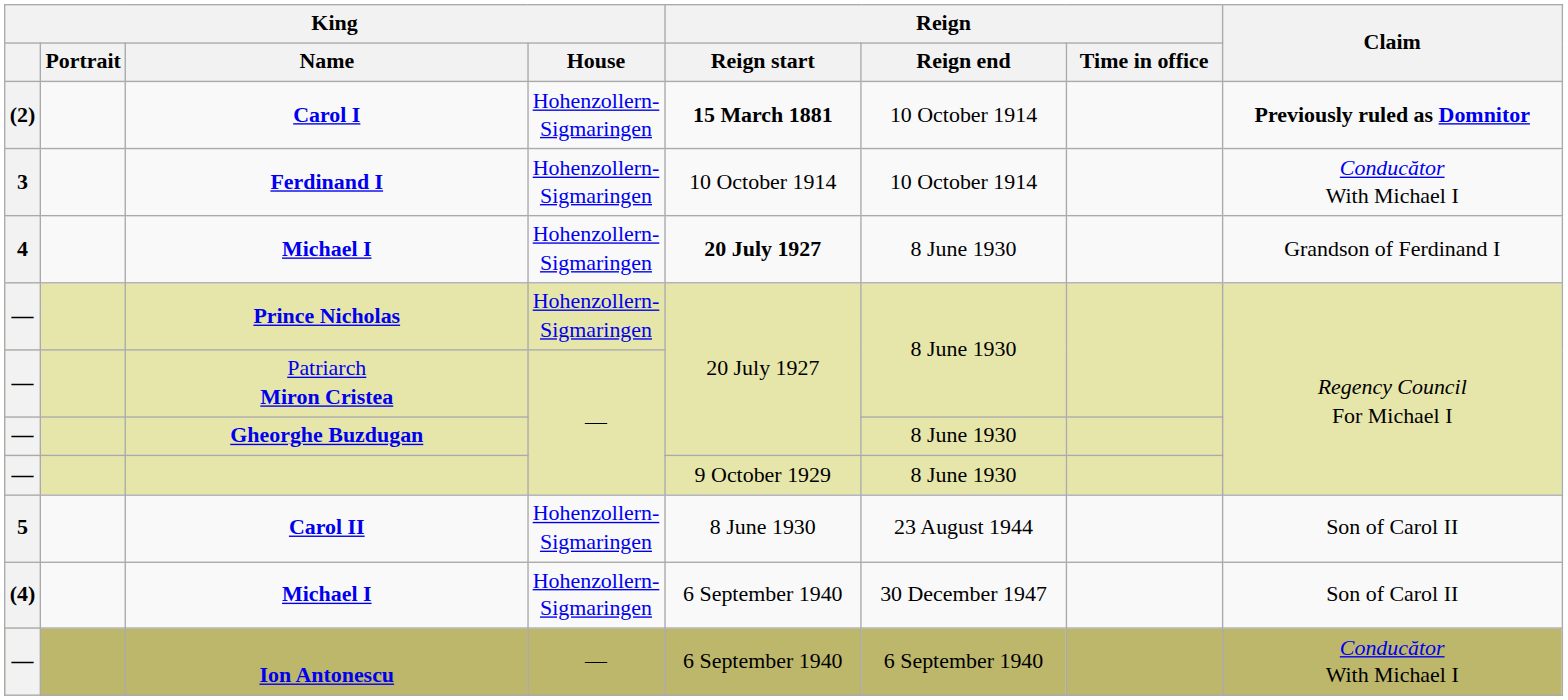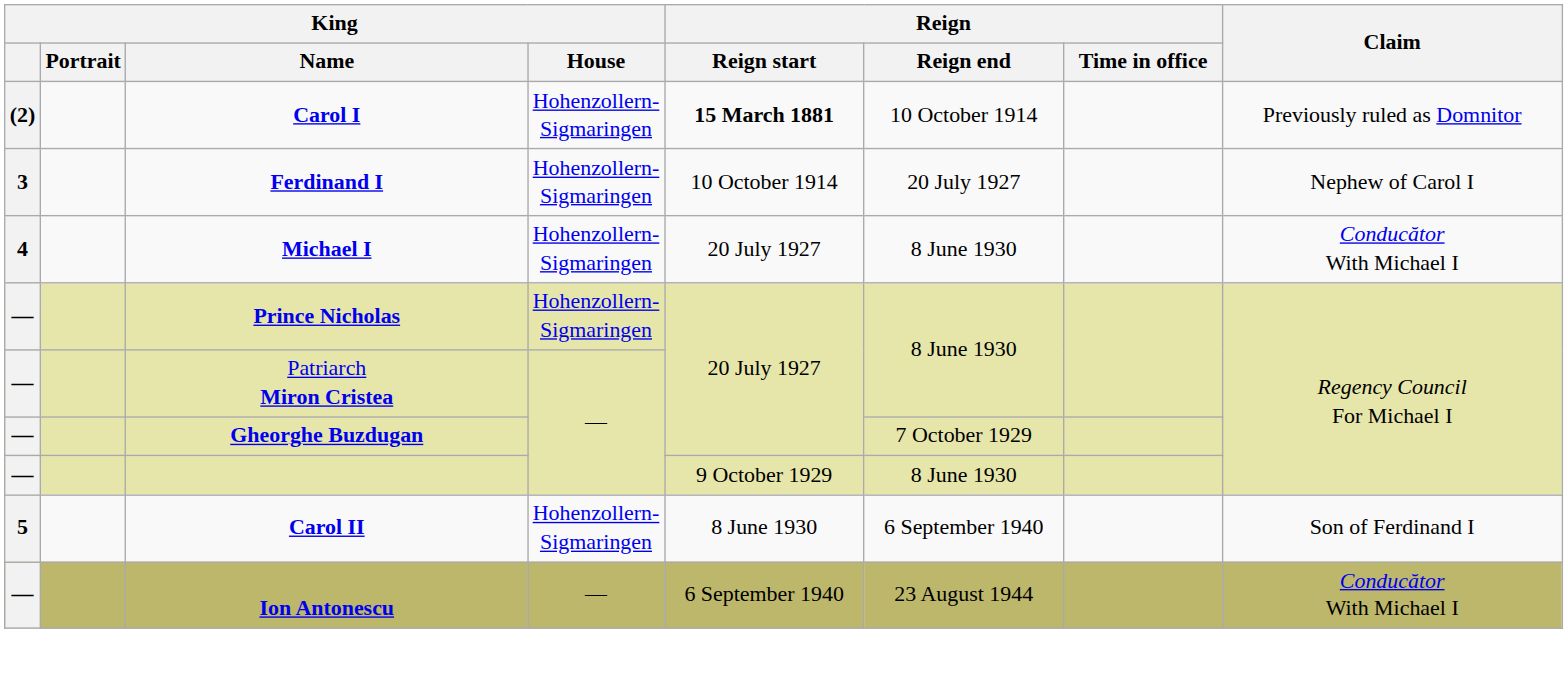 <table class="wikitable" style="text-align:center; width:90%; line-height:130%;">
 <tr>
 <th width=35% colspan=4>King</th>
 <th width=40% colspan=3>Reign</th>
 <th width=25% rowspan=2>Claim</th>
 </tr>
 <tr>
 <th></th>
 <th>Portrait</th>
 <th width=30%>Name<br></th>
 <th>House</th>
 <th>Reign start</th>
 <th>Reign end</th>
 <th>Time in office</th>
 </tr>
 <tr>
 <th>(2)</th>
 <td></td>
 <td><strong><a href='#'>Carol I</a></strong><br></td>
 <td><a href='#'>Hohenzollern-Sigmaringen</a></td>
 <td><strong>15 March 1881</strong></td>
 <td>10 October 1914</td>
 <td></td>
-<td><strong>Previously ruled as <a href='#'>Domnitor</a></strong></td>
+<td>Previously ruled as <a href='#'>Domnitor</a></td>
 </tr>
 <tr>
 <th>3</th>
 <td></td>
 <td><strong><a href='#'>Ferdinand I</a></strong><br></td>
 <td><a href='#'>Hohenzollern-Sigmaringen</a></td>
 <td>10 October 1914</td>
-<td>10 October 1914</td>
+<td>20 July 1927</td>
 <td></td>
-<td><em><a href='#'>Conducător</a></em><br>With Michael I</td>
+<td>Nephew of Carol I</td>
 </tr>
 <tr>
 <th>4</th>
 <td></td>
 <td><strong><a href='#'>Michael I</a></strong><br></td>
 <td><a href='#'>Hohenzollern-Sigmaringen</a></td>
-<td><strong>20 July 1927</strong></td>
+<td>20 July 1927</td>
 <td>8 June 1930<br></td>
 <td></td>
-<td>Grandson of Ferdinand I</td>
+<td><em><a href='#'>Conducător</a></em><br>With Michael I</td>
 </tr>
 <tr style="background:#e6e6aa;">
 <th>—</th>
 <td></td>
 <td><strong><a href='#'>Prince Nicholas</a></strong><br></td>
 <td><a href='#'>Hohenzollern-Sigmaringen</a></td>
 <td rowspan=3>20 July 1927</td>
 <td rowspan=2>8 June 1930<br></td>
 <td rowspan=2></td>
 <td rowspan=4><br><em>Regency Council</em><br>For Michael I</td>
 </tr>
 <tr style="background:#e6e6aa;">
 <th>—</th>
 <td></td>
 <td><a href='#'>Patriarch</a><br><strong><a href='#'>Miron Cristea</a></strong><br></td>
 <td rowspan=3>—</td>
 </tr>
 <tr style="background:#e6e6aa;">
 <th>—</th>
 <td></td>
 <td><strong><a href='#'>Gheorghe Buzdugan</a></strong><br></td>
-<td>8 June 1930<br></td>
+<td>7 October 1929<br></td>
 <td></td>
 </tr>
 <tr style="background:#e6e6aa;">
 <th>—</th>
 <td></td>
 <td><strong></strong><br></td>
 <td>9 October 1929</td>
 <td>8 June 1930<br></td>
 <td></td>
 </tr>
 <tr>
 <th>5</th>
 <td></td>
 <td><strong><a href='#'>Carol II</a></strong><br></td>
 <td><a href='#'>Hohenzollern-Sigmaringen</a></td>
 <td>8 June 1930</td>
-<td>23 August 1944<br></td>
+<td>6 September 1940<br></td>
 <td></td>
-<td>Son of Carol II</td>
-</tr>
-<tr>
-<th>(4)</th>
-<td></td>
-<td><strong><a href='#'>Michael I</a></strong><br></td>
-<td><a href='#'>Hohenzollern-Sigmaringen</a></td>
-<td>6 September 1940</td>
-<td>30 December 1947<br></td>
-<td></td>
-<td>Son of Carol II</td>
+<td>Son of Ferdinand I</td>
 </tr>
 <tr style="background:DarkKhaki;">
 <th style="background:">—</th>
 <td></td>
 <td><br><strong><a href='#'>Ion Antonescu</a></strong><br></td>
 <td>—</td>
 <td>6 September 1940</td>
-<td>6 September 1940<br></td>
+<td>23 August 1944<br></td>
 <td></td>
 <td><em><a href='#'>Conducător</a></em><br>With Michael I</td>
 </tr>
 </table>
